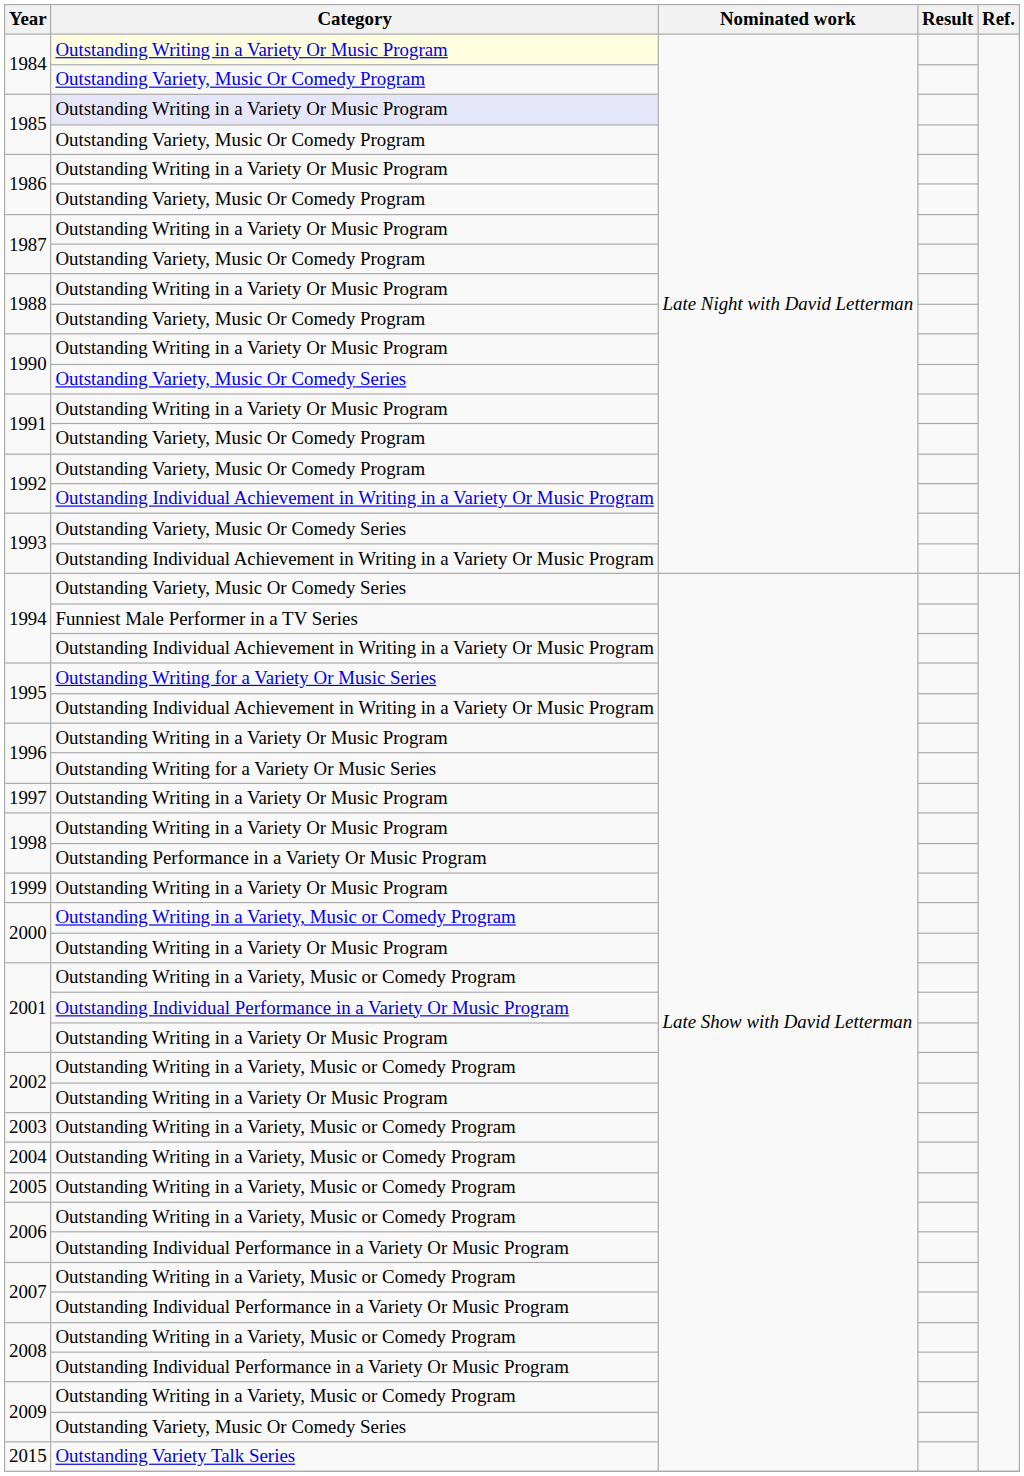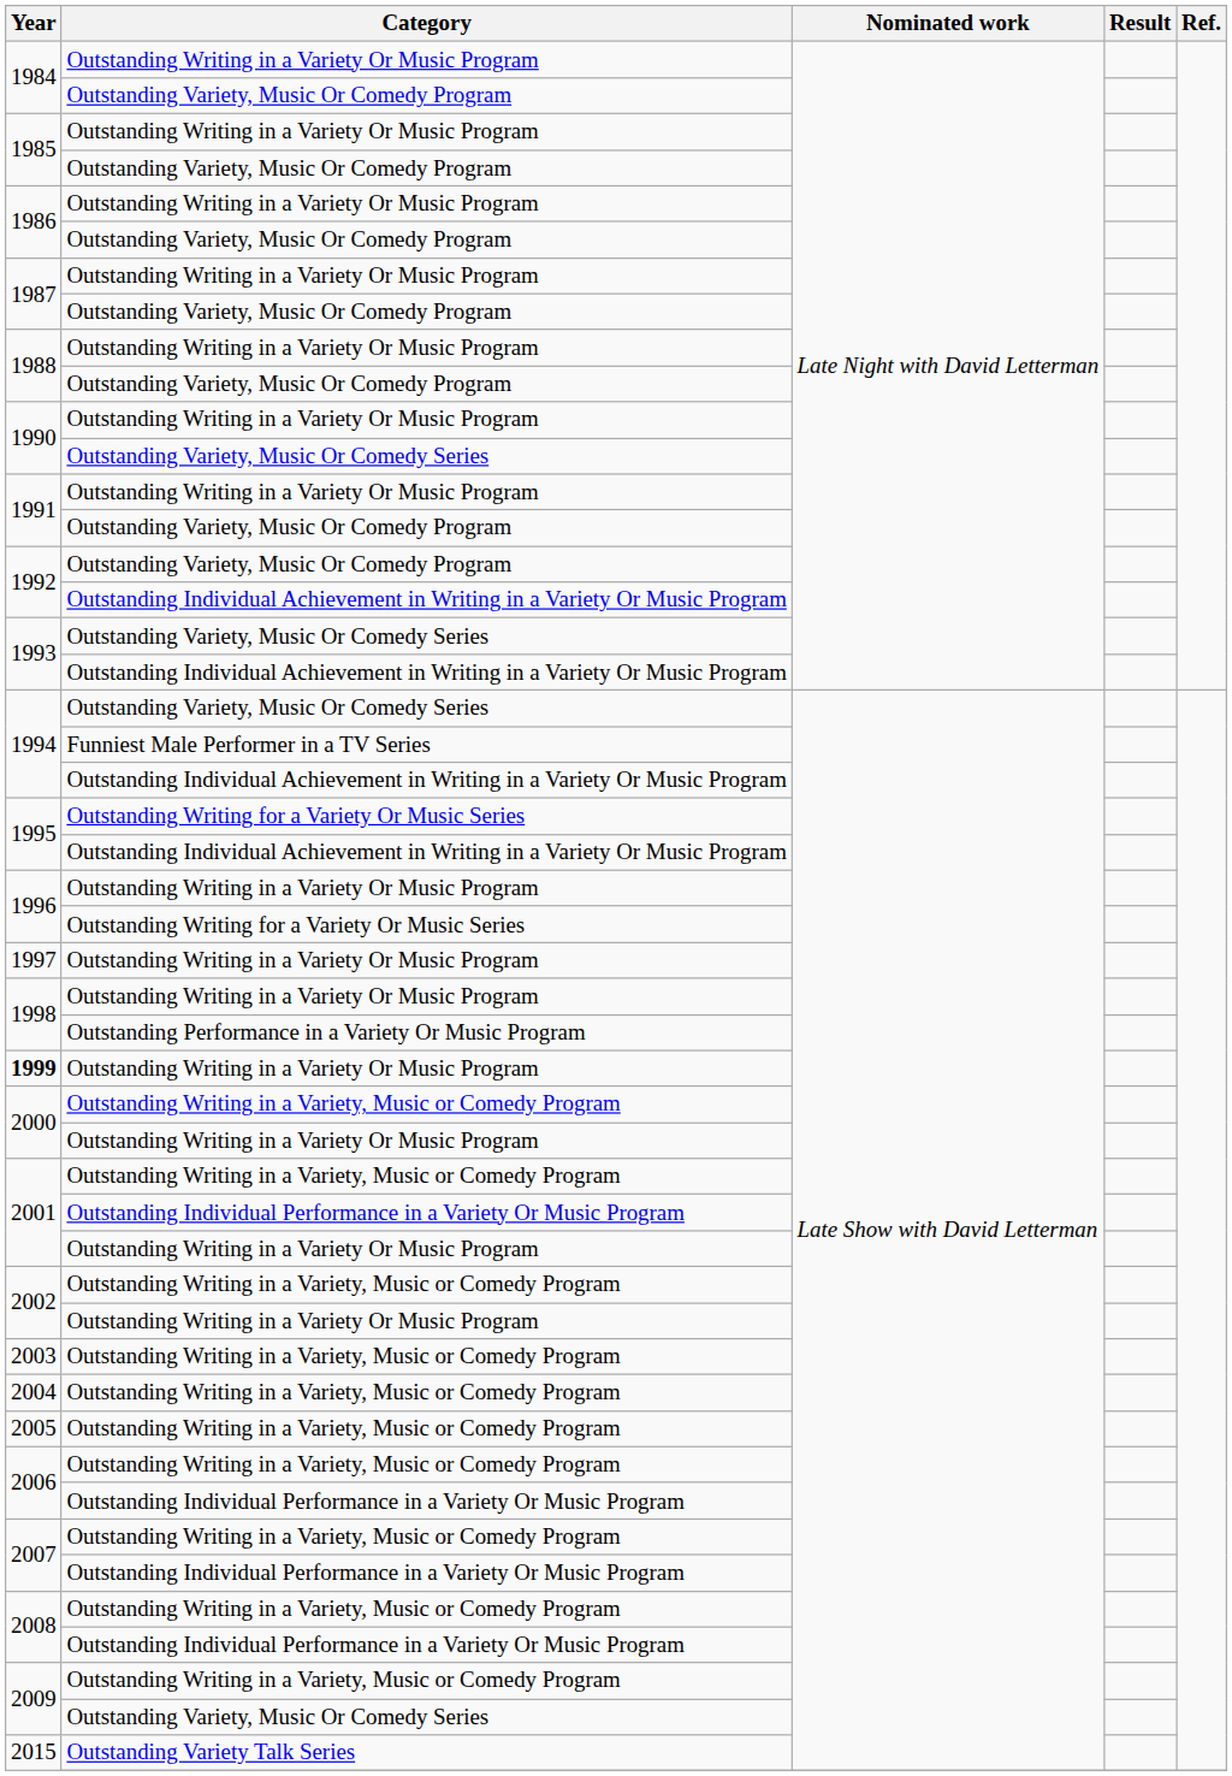 <table class="wikitable">
 <tr>
 <th scope="col">Year</th>
 <th scope="col">Category</th>
 <th scope="col">Nominated work</th>
 <th scope="col">Result</th>
 <th>Ref.</th>
 </tr>
 <tr>
 <td rowspan=2>1984</td>
-<td style="background: lightyellow;"><a href='#'>Outstanding Writing in a Variety Or Music Program</a></td>
+<td><a href='#'>Outstanding Writing in a Variety Or Music Program</a></td>
 <td rowspan=18><em>Late Night with David Letterman</em></td>
 <td></td>
 <td rowspan=18></td>
 </tr>
 <tr>
 <td><a href='#'>Outstanding Variety, Music Or Comedy Program</a></td>
 <td></td>
 </tr>
 <tr>
 <td rowspan=2>1985</td>
-<td style="background: lavender;">Outstanding Writing in a Variety Or Music Program</td>
+<td>Outstanding Writing in a Variety Or Music Program</td>
 <td></td>
 </tr>
 <tr>
 <td>Outstanding Variety, Music Or Comedy Program</td>
 <td></td>
 </tr>
 <tr>
 <td rowspan=2>1986</td>
 <td>Outstanding Writing in a Variety Or Music Program</td>
 <td></td>
 </tr>
 <tr>
 <td>Outstanding Variety, Music Or Comedy Program</td>
 <td></td>
 </tr>
 <tr>
 <td rowspan=2>1987</td>
 <td>Outstanding Writing in a Variety Or Music Program</td>
 <td></td>
 </tr>
 <tr>
 <td>Outstanding Variety, Music Or Comedy Program</td>
 <td></td>
 </tr>
 <tr>
 <td rowspan=2>1988</td>
 <td>Outstanding Writing in a Variety Or Music Program</td>
 <td></td>
 </tr>
 <tr>
 <td>Outstanding Variety, Music Or Comedy Program</td>
 <td></td>
 </tr>
 <tr>
 <td rowspan=2>1990</td>
 <td>Outstanding Writing in a Variety Or Music Program</td>
 <td></td>
 </tr>
 <tr>
 <td><a href='#'>Outstanding Variety, Music Or Comedy Series</a></td>
 <td></td>
 </tr>
 <tr>
 <td rowspan=2>1991</td>
 <td>Outstanding Writing in a Variety Or Music Program</td>
 <td></td>
 </tr>
 <tr>
 <td>Outstanding Variety, Music Or Comedy Program</td>
 <td></td>
 </tr>
 <tr>
 <td rowspan=2>1992</td>
 <td>Outstanding Variety, Music Or Comedy Program</td>
 <td></td>
 </tr>
 <tr>
 <td><a href='#'>Outstanding Individual Achievement in Writing in a Variety Or Music Program</a></td>
 <td></td>
 </tr>
 <tr>
 <td rowspan=2>1993</td>
 <td>Outstanding Variety, Music Or Comedy Series</td>
 <td></td>
 </tr>
 <tr>
 <td>Outstanding Individual Achievement in Writing in a Variety Or Music Program</td>
 <td></td>
 </tr>
 <tr>
 <td rowspan=3>1994</td>
 <td>Outstanding Variety, Music Or Comedy Series</td>
 <td rowspan=30><em>Late Show with David Letterman</em></td>
 <td></td>
 <td rowspan=30></td>
 </tr>
 <tr>
 <td>Funniest Male Performer in a TV Series</td>
 <td></td>
 </tr>
 <tr>
 <td>Outstanding Individual Achievement in Writing in a Variety Or Music Program</td>
 <td></td>
 </tr>
 <tr>
 <td rowspan=2>1995</td>
 <td><a href='#'>Outstanding Writing for a Variety Or Music Series</a></td>
 <td></td>
 </tr>
 <tr>
 <td>Outstanding Individual Achievement in Writing in a Variety Or Music Program</td>
 <td></td>
 </tr>
 <tr>
 <td rowspan=2>1996</td>
 <td>Outstanding Writing in a Variety Or Music Program</td>
 <td></td>
 </tr>
 <tr>
 <td>Outstanding Writing for a Variety Or Music Series</td>
 <td></td>
 </tr>
 <tr>
 <td>1997</td>
 <td>Outstanding Writing in a Variety Or Music Program</td>
 <td></td>
 </tr>
 <tr>
 <td rowspan=2>1998</td>
 <td>Outstanding Writing in a Variety Or Music Program</td>
 <td></td>
 </tr>
 <tr>
 <td>Outstanding Performance in a Variety Or Music Program</td>
 <td></td>
 </tr>
 <tr>
-<td>1999</td>
+<td><strong>1999</strong></td>
 <td>Outstanding Writing in a Variety Or Music Program</td>
 <td></td>
 </tr>
 <tr>
 <td rowspan=2>2000</td>
 <td><a href='#'>Outstanding Writing in a Variety, Music or Comedy Program</a></td>
 <td></td>
 </tr>
 <tr>
 <td>Outstanding Writing in a Variety Or Music Program</td>
 <td></td>
 </tr>
 <tr>
 <td rowspan=3>2001</td>
 <td>Outstanding Writing in a Variety, Music or Comedy Program</td>
 <td></td>
 </tr>
 <tr>
 <td><a href='#'>Outstanding Individual Performance in a Variety Or Music Program</a></td>
 <td></td>
 </tr>
 <tr>
 <td>Outstanding Writing in a Variety Or Music Program</td>
 <td></td>
 </tr>
 <tr>
 <td rowspan=2>2002</td>
 <td>Outstanding Writing in a Variety, Music or Comedy Program</td>
 <td></td>
 </tr>
 <tr>
 <td>Outstanding Writing in a Variety Or Music Program</td>
 <td></td>
 </tr>
 <tr>
 <td>2003</td>
 <td>Outstanding Writing in a Variety, Music or Comedy Program</td>
 <td></td>
 </tr>
 <tr>
 <td>2004</td>
 <td>Outstanding Writing in a Variety, Music or Comedy Program</td>
 <td></td>
 </tr>
 <tr>
 <td>2005</td>
 <td>Outstanding Writing in a Variety, Music or Comedy Program</td>
 <td></td>
 </tr>
 <tr>
 <td rowspan=2>2006</td>
 <td>Outstanding Writing in a Variety, Music or Comedy Program</td>
 <td></td>
 </tr>
 <tr>
 <td>Outstanding Individual Performance in a Variety Or Music Program</td>
 <td></td>
 </tr>
 <tr>
 <td rowspan=2>2007</td>
 <td>Outstanding Writing in a Variety, Music or Comedy Program</td>
 <td></td>
 </tr>
 <tr>
 <td>Outstanding Individual Performance in a Variety Or Music Program</td>
 <td></td>
 </tr>
 <tr>
 <td rowspan=2>2008</td>
 <td>Outstanding Writing in a Variety, Music or Comedy Program</td>
 <td></td>
 </tr>
 <tr>
 <td>Outstanding Individual Performance in a Variety Or Music Program</td>
 <td></td>
 </tr>
 <tr>
 <td rowspan=2>2009</td>
 <td>Outstanding Writing in a Variety, Music or Comedy Program</td>
 <td></td>
 </tr>
 <tr>
 <td>Outstanding Variety, Music Or Comedy Series</td>
 <td></td>
 </tr>
 <tr>
 <td rowspan=2>2015</td>
 <td><a href='#'>Outstanding Variety Talk Series</a></td>
 <td></td>
 </tr>
 <tr>
 </tr>
 </table>
